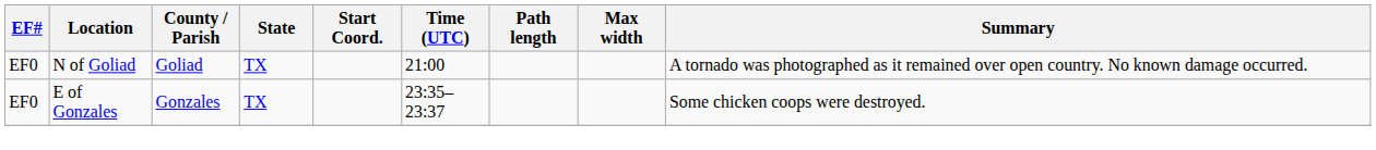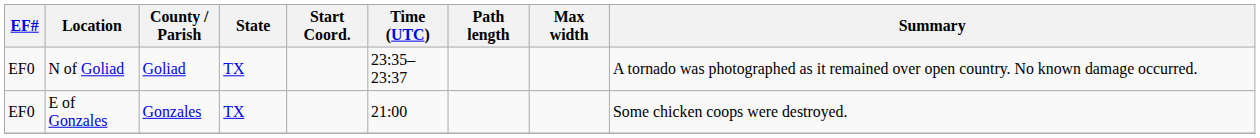 <table class="wikitable sortable" style="width:100%;">
 <tr>
 <th scope="col"  style="width:3%; text-align:center;"><a href='#'>EF#</a></th>
 <th scope="col"  style="width:7%; text-align:center;" class="unsortable">Location</th>
 <th scope="col"  style="width:6%; text-align:center;" class="unsortable">County / Parish</th>
 <th scope="col"  style="width:5%; text-align:center;">State</th>
 <th scope="col"  style="width:6%; text-align:center;">Start Coord.</th>
 <th scope="col"  style="width:6%; text-align:center;">Time (<a href='#'>UTC</a>)</th>
 <th scope="col"  style="width:6%; text-align:center;">Path length</th>
 <th scope="col"  style="width:6%; text-align:center;">Max width</th>
 <th scope="col" class="unsortable" style="width:48%; text-align:center;">Summary</th>
 </tr>
 <tr>
 <td>EF0</td>
 <td>N of <a href='#'>Goliad</a></td>
 <td><a href='#'>Goliad</a></td>
 <td><a href='#'>TX</a></td>
 <td></td>
-<td>21:00</td>
+<td>23:35–23:37</td>
 <td></td>
 <td></td>
 <td>A tornado was photographed as it remained over open country. No known damage occurred.</td>
 </tr>
 <tr>
 <td>EF0</td>
 <td>E of <a href='#'>Gonzales</a></td>
 <td><a href='#'>Gonzales</a></td>
 <td><a href='#'>TX</a></td>
 <td></td>
-<td>23:35–23:37</td>
+<td>21:00</td>
 <td></td>
 <td></td>
 <td>Some chicken coops were destroyed.</td>
 </tr>
 <tr>
 </tr>
 </table>
